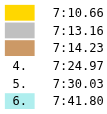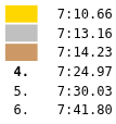 <table style="text-align:center">
 <tr>
 <td width=30 bgcolor=gold></td>
 <td align=left></td>
 <td width=80>7:10.66</td>
 </tr>
 <tr>
 <td bgcolor=silver></td>
 <td align=left></td>
 <td>7:13.16</td>
 </tr>
 <tr>
 <td bgcolor=cc9966></td>
 <td align=left></td>
 <td>7:14.23</td>
 </tr>
 <tr>
-<td>4.</td>
+<td><strong>4.</strong></td>
 <td align=left></td>
 <td>7:24.97</td>
 </tr>
 <tr>
 <td>5.</td>
 <td align=left></td>
 <td>7:30.03</td>
 </tr>
 <tr>
-<td style="background: paleturquoise;">6.</td>
+<td>6.</td>
 <td align=left></td>
 <td>7:41.80</td>
 </tr>
 </table>
